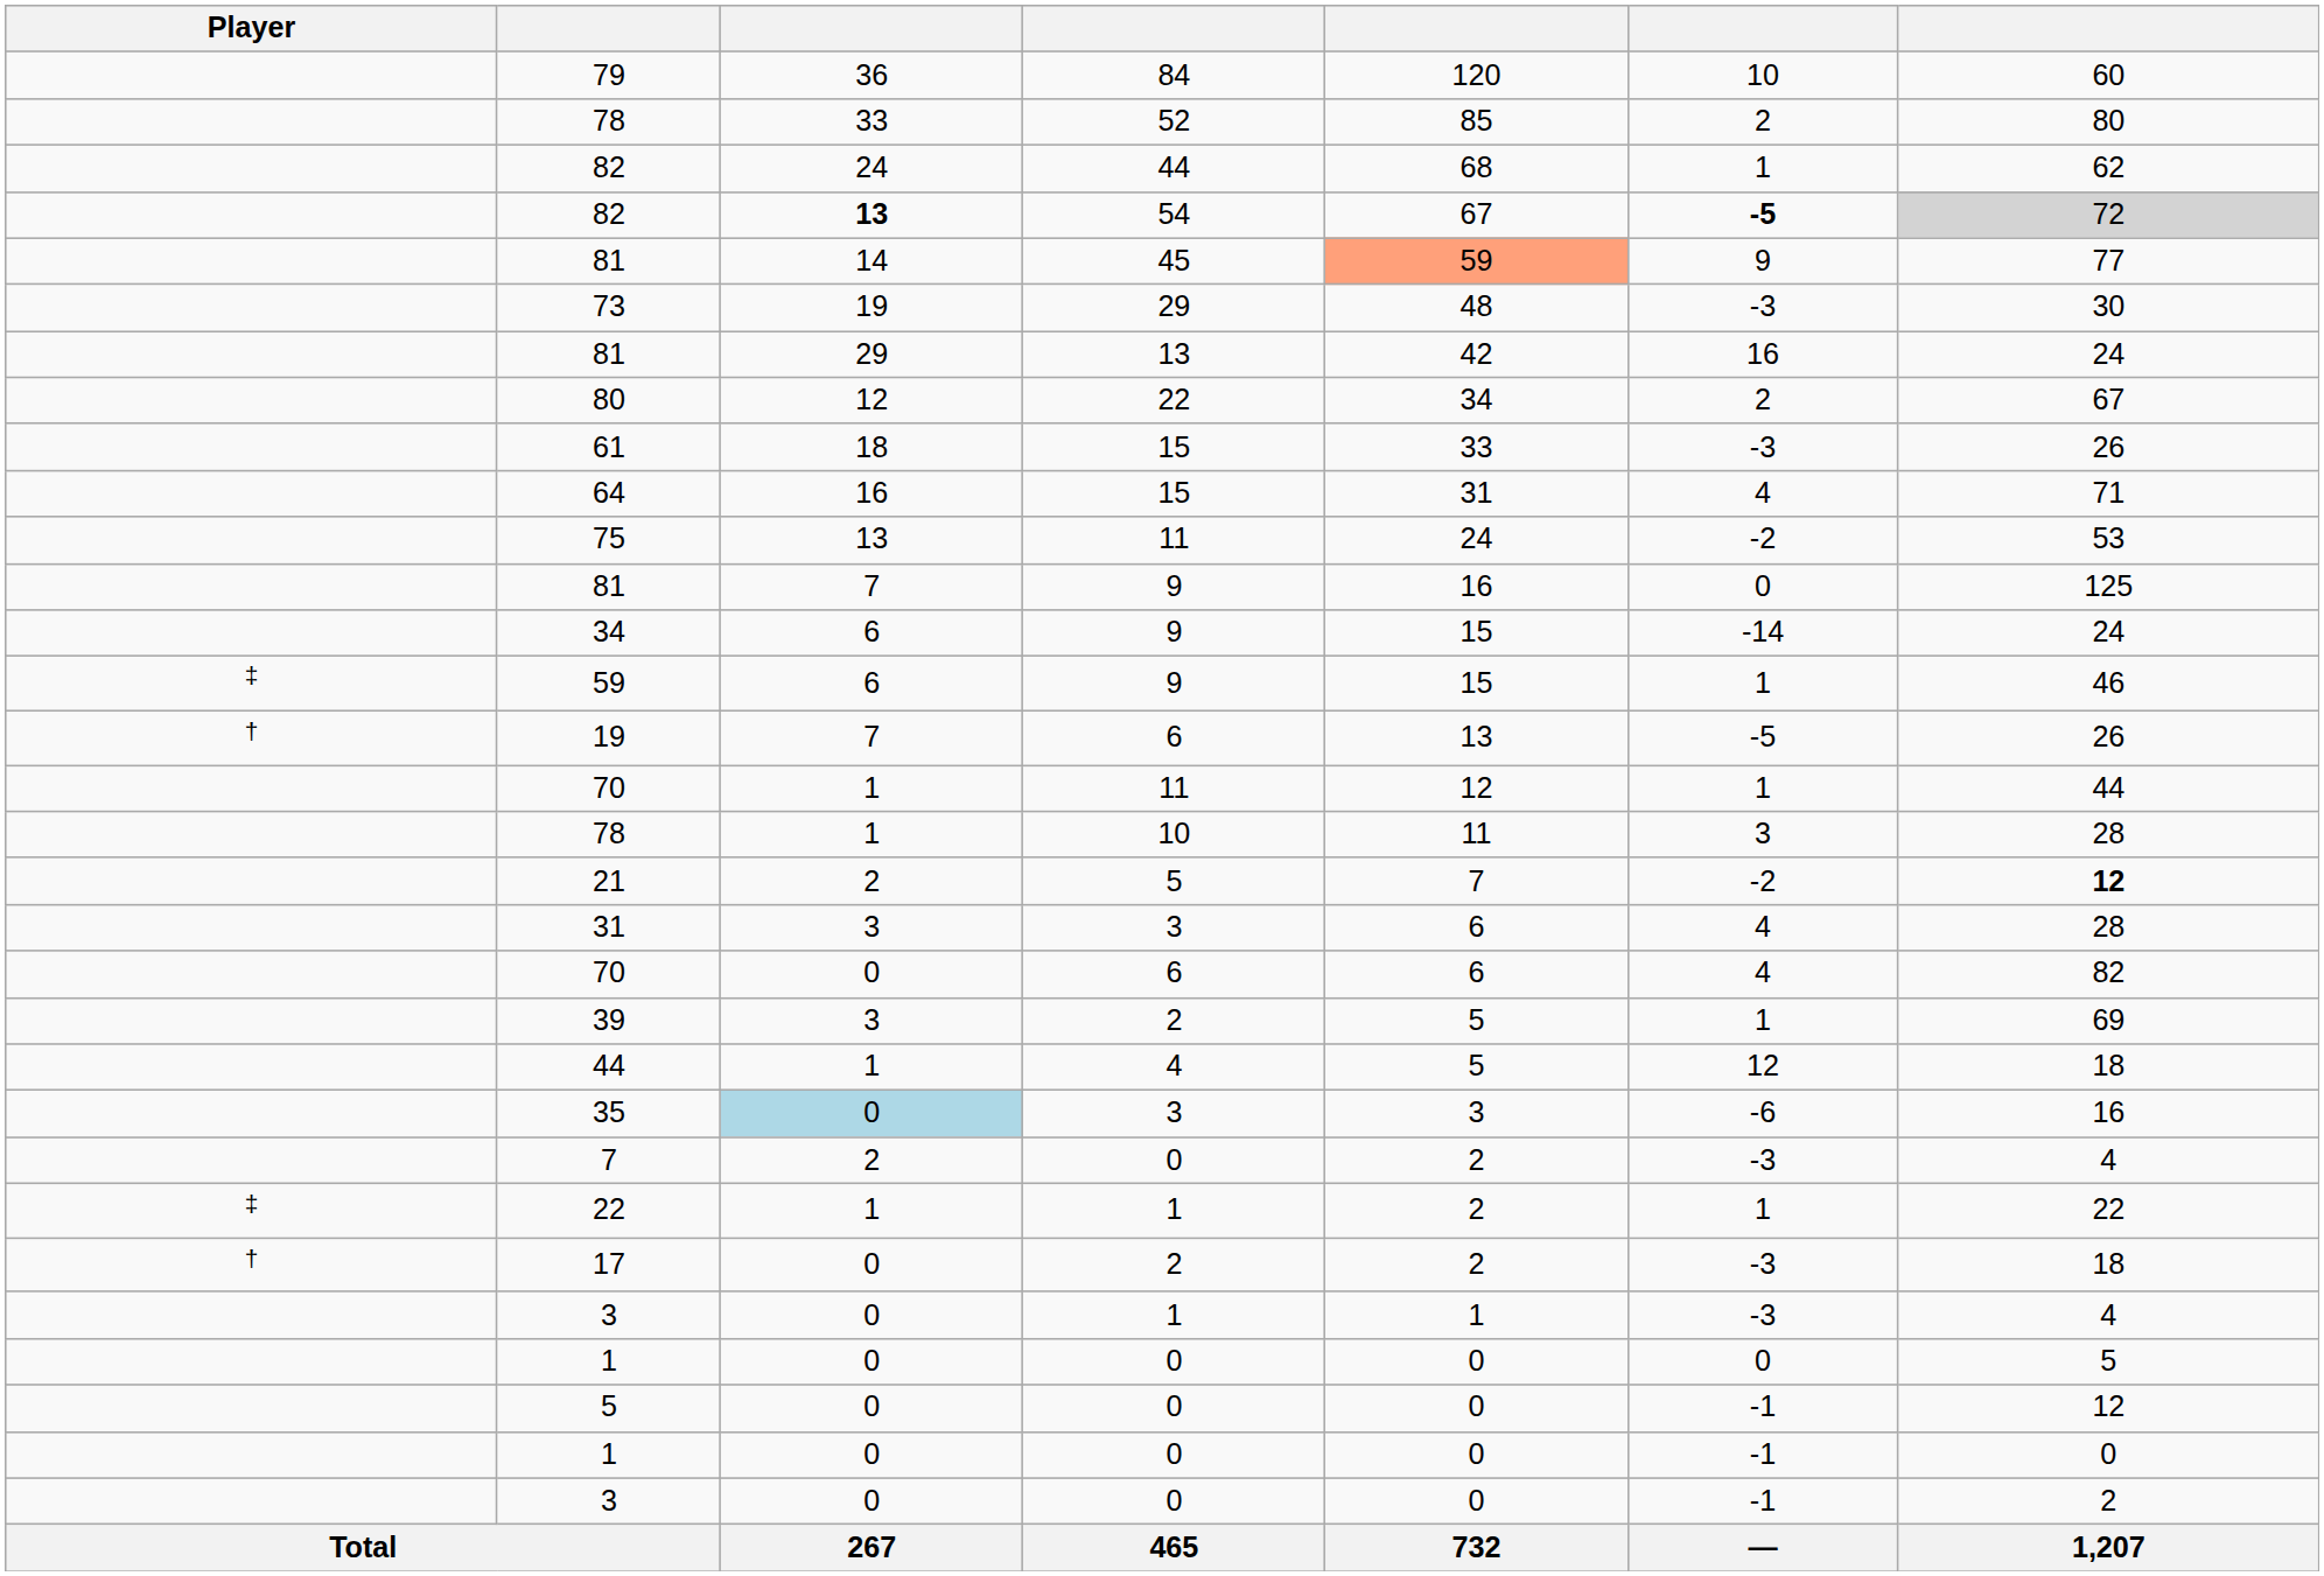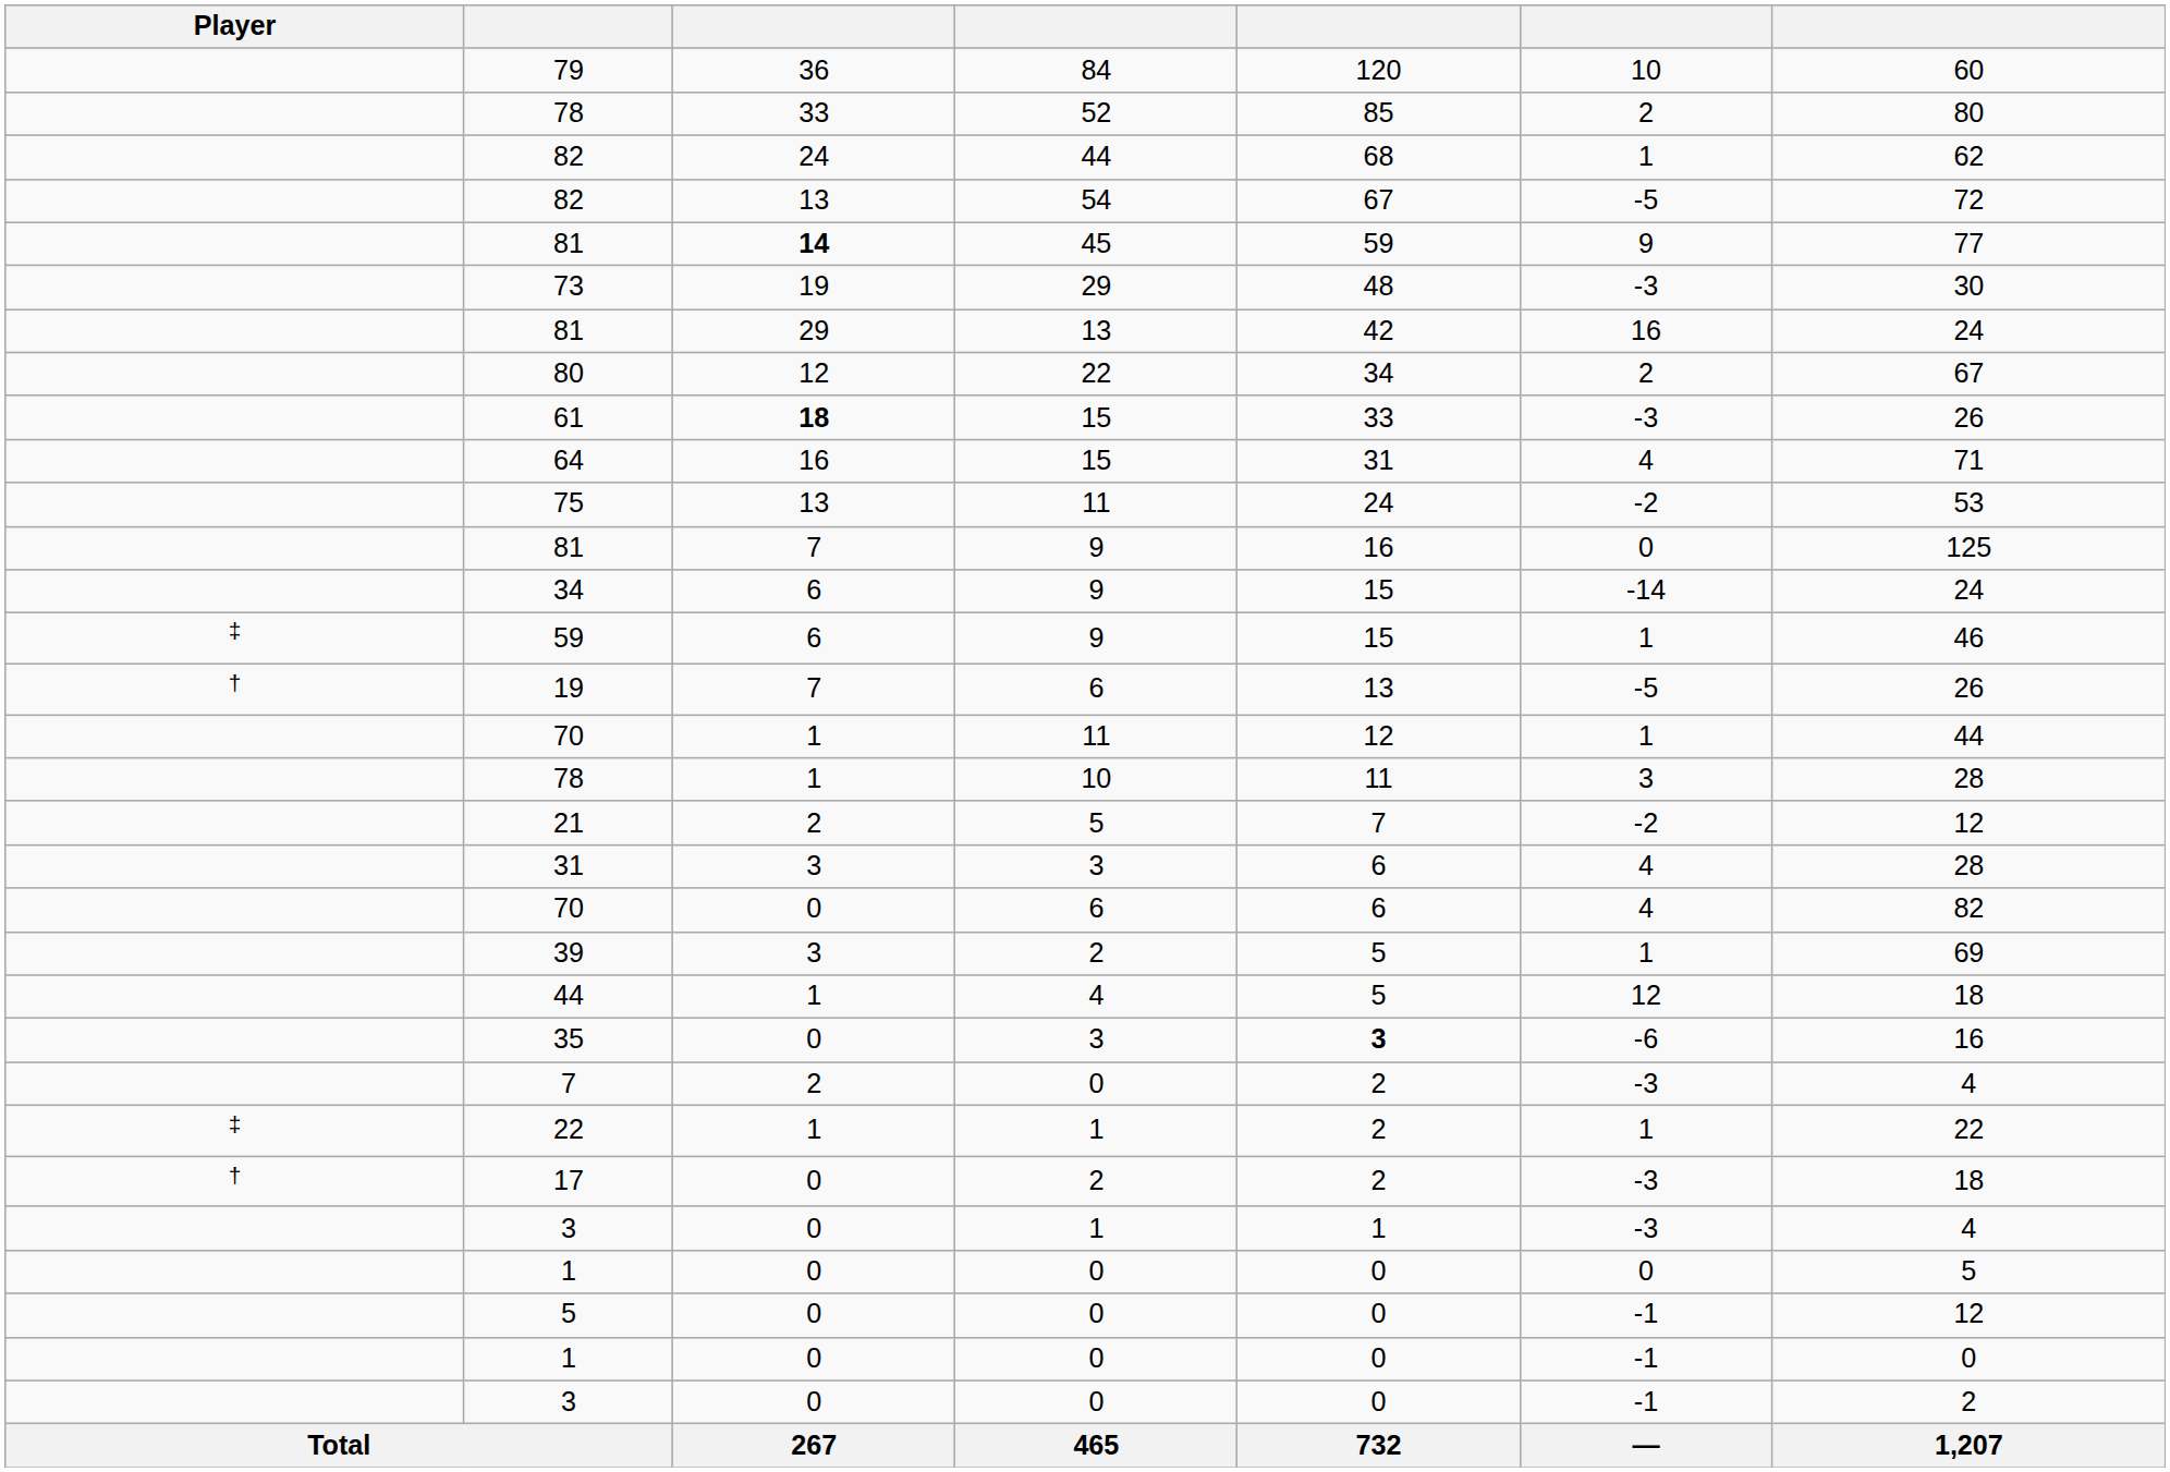 <table class="wikitable sortable" style="width:100%; text-align:center;">
 <tr align=center>
 <th>Player</th>
 <th></th>
 <th></th>
 <th></th>
 <th></th>
 <th data-sort-type="number"></th>
 <th></th>
 </tr>
 <tr>
 <td></td>
 <td>79</td>
 <td>36</td>
 <td>84</td>
 <td>120</td>
 <td>10</td>
 <td>60</td>
 </tr>
 <tr>
 <td></td>
 <td>78</td>
 <td>33</td>
 <td>52</td>
 <td>85</td>
 <td>2</td>
 <td>80</td>
 </tr>
 <tr>
 <td></td>
 <td>82</td>
 <td>24</td>
 <td>44</td>
 <td>68</td>
 <td>1</td>
 <td>62</td>
 </tr>
 <tr>
 <td></td>
 <td>82</td>
-<td><strong>13</strong></td>
+<td>13</td>
 <td>54</td>
 <td>67</td>
-<td><strong>-5</strong></td>
-<td style="background: lightgrey;">72</td>
+<td>-5</td>
+<td>72</td>
 </tr>
 <tr>
 <td></td>
 <td>81</td>
-<td>14</td>
+<td><strong>14</strong></td>
 <td>45</td>
-<td style="background: lightsalmon;">59</td>
+<td>59</td>
 <td>9</td>
 <td>77</td>
 </tr>
 <tr>
 <td></td>
 <td>73</td>
 <td>19</td>
 <td>29</td>
 <td>48</td>
 <td>-3</td>
 <td>30</td>
 </tr>
 <tr>
 <td></td>
 <td>81</td>
 <td>29</td>
 <td>13</td>
 <td>42</td>
 <td>16</td>
 <td>24</td>
 </tr>
 <tr>
 <td></td>
 <td>80</td>
 <td>12</td>
 <td>22</td>
 <td>34</td>
 <td>2</td>
 <td>67</td>
 </tr>
 <tr>
 <td></td>
 <td>61</td>
-<td>18</td>
+<td><strong>18</strong></td>
 <td>15</td>
 <td>33</td>
 <td>-3</td>
 <td>26</td>
 </tr>
 <tr>
 <td></td>
 <td>64</td>
 <td>16</td>
 <td>15</td>
 <td>31</td>
 <td>4</td>
 <td>71</td>
 </tr>
 <tr>
 <td></td>
 <td>75</td>
 <td>13</td>
 <td>11</td>
 <td>24</td>
 <td>-2</td>
 <td>53</td>
 </tr>
 <tr>
 <td></td>
 <td>81</td>
 <td>7</td>
 <td>9</td>
 <td>16</td>
 <td>0</td>
 <td>125</td>
 </tr>
 <tr>
 <td></td>
 <td>34</td>
 <td>6</td>
 <td>9</td>
 <td>15</td>
 <td>-14</td>
 <td>24</td>
 </tr>
 <tr>
 <td><sup>‡</sup></td>
 <td>59</td>
 <td>6</td>
 <td>9</td>
 <td>15</td>
 <td>1</td>
 <td>46</td>
 </tr>
 <tr>
 <td><sup>†</sup></td>
 <td>19</td>
 <td>7</td>
 <td>6</td>
 <td>13</td>
 <td>-5</td>
 <td>26</td>
 </tr>
 <tr>
 <td></td>
 <td>70</td>
 <td>1</td>
 <td>11</td>
 <td>12</td>
 <td>1</td>
 <td>44</td>
 </tr>
 <tr>
 <td></td>
 <td>78</td>
 <td>1</td>
 <td>10</td>
 <td>11</td>
 <td>3</td>
 <td>28</td>
 </tr>
 <tr>
 <td></td>
 <td>21</td>
 <td>2</td>
 <td>5</td>
 <td>7</td>
 <td>-2</td>
-<td><strong>12</strong></td>
+<td>12</td>
 </tr>
 <tr>
 <td></td>
 <td>31</td>
 <td>3</td>
 <td>3</td>
 <td>6</td>
 <td>4</td>
 <td>28</td>
 </tr>
 <tr>
 <td></td>
 <td>70</td>
 <td>0</td>
 <td>6</td>
 <td>6</td>
 <td>4</td>
 <td>82</td>
 </tr>
 <tr>
 <td></td>
 <td>39</td>
 <td>3</td>
 <td>2</td>
 <td>5</td>
 <td>1</td>
 <td>69</td>
 </tr>
 <tr>
 <td></td>
 <td>44</td>
 <td>1</td>
 <td>4</td>
 <td>5</td>
 <td>12</td>
 <td>18</td>
 </tr>
 <tr>
 <td></td>
 <td>35</td>
-<td style="background: lightblue;">0</td>
+<td>0</td>
 <td>3</td>
-<td>3</td>
+<td><strong>3</strong></td>
 <td>-6</td>
 <td>16</td>
 </tr>
 <tr>
 <td></td>
 <td>7</td>
 <td>2</td>
 <td>0</td>
 <td>2</td>
 <td>-3</td>
 <td>4</td>
 </tr>
 <tr>
 <td><sup>‡</sup></td>
 <td>22</td>
 <td>1</td>
 <td>1</td>
 <td>2</td>
 <td>1</td>
 <td>22</td>
 </tr>
 <tr>
 <td><sup>†</sup></td>
 <td>17</td>
 <td>0</td>
 <td>2</td>
 <td>2</td>
 <td>-3</td>
 <td>18</td>
 </tr>
 <tr>
 <td></td>
 <td>3</td>
 <td>0</td>
 <td>1</td>
 <td>1</td>
 <td>-3</td>
 <td>4</td>
 </tr>
 <tr>
 <td></td>
 <td>1</td>
 <td>0</td>
 <td>0</td>
 <td>0</td>
 <td>0</td>
 <td>5</td>
 </tr>
 <tr>
 <td></td>
 <td>5</td>
 <td>0</td>
 <td>0</td>
 <td>0</td>
 <td>-1</td>
 <td>12</td>
 </tr>
 <tr>
 <td></td>
 <td>1</td>
 <td>0</td>
 <td>0</td>
 <td>0</td>
 <td>-1</td>
 <td>0</td>
 </tr>
 <tr>
 <td></td>
 <td>3</td>
 <td>0</td>
 <td>0</td>
 <td>0</td>
 <td>-1</td>
 <td>2</td>
 </tr>
 <tr class="sortbottom">
 <th colspan=2>Total</th>
 <th>267</th>
 <th>465</th>
 <th>732</th>
 <th>—</th>
 <th>1,207</th>
 </tr>
 </table>
